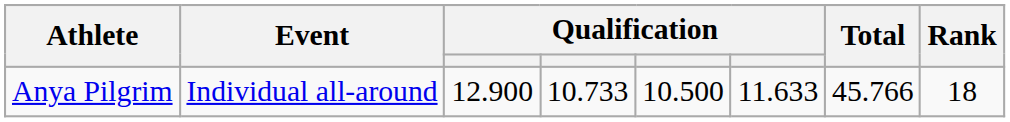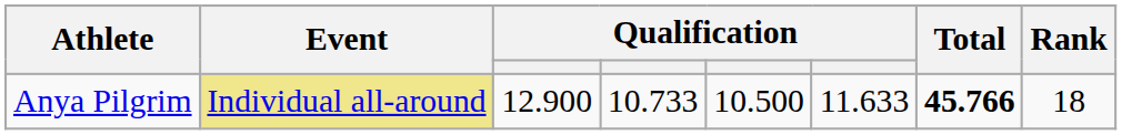 <table class="wikitable" style="font-size:90%">
 <tr>
 <th rowspan=2>Athlete</th>
 <th rowspan=2>Event</th>
 <th colspan=4>Qualification</th>
 <th rowspan=2>Total</th>
 <th rowspan=2>Rank</th>
 </tr>
 <tr style="font-size:95%">
 <th></th>
 <th></th>
 <th></th>
 <th></th>
 </tr>
 <tr align=center>
 <td align=left><a href='#'>Anya Pilgrim</a></td>
-<td align=left><a href='#'>Individual all-around</a></td>
+<td align=left style="background: khaki;"><a href='#'>Individual all-around</a></td>
 <td>12.900</td>
 <td>10.733</td>
 <td>10.500</td>
 <td>11.633</td>
-<td>45.766</td>
+<td><strong>45.766</strong></td>
 <td>18</td>
 </tr>
 </table>
